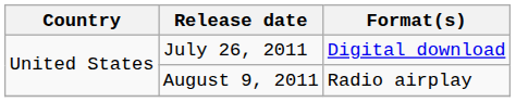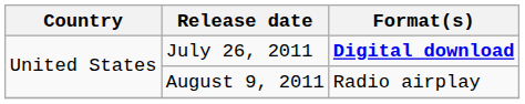 <table class="wikitable plainrowheaders">
 <tr>
 <th scope="col">Country</th>
 <th scope="col">Release date</th>
 <th scope="col">Format(s)</th>
 </tr>
 <tr>
 <td rowspan="2">United States</td>
 <td>July 26, 2011</td>
-<td><a href='#'>Digital download</a></td>
+<td><strong><a href='#'>Digital download</a></strong></td>
 </tr>
 <tr>
 <td>August 9, 2011</td>
 <td>Radio airplay</td>
 </tr>
 <tr>
 </tr>
 </table>
